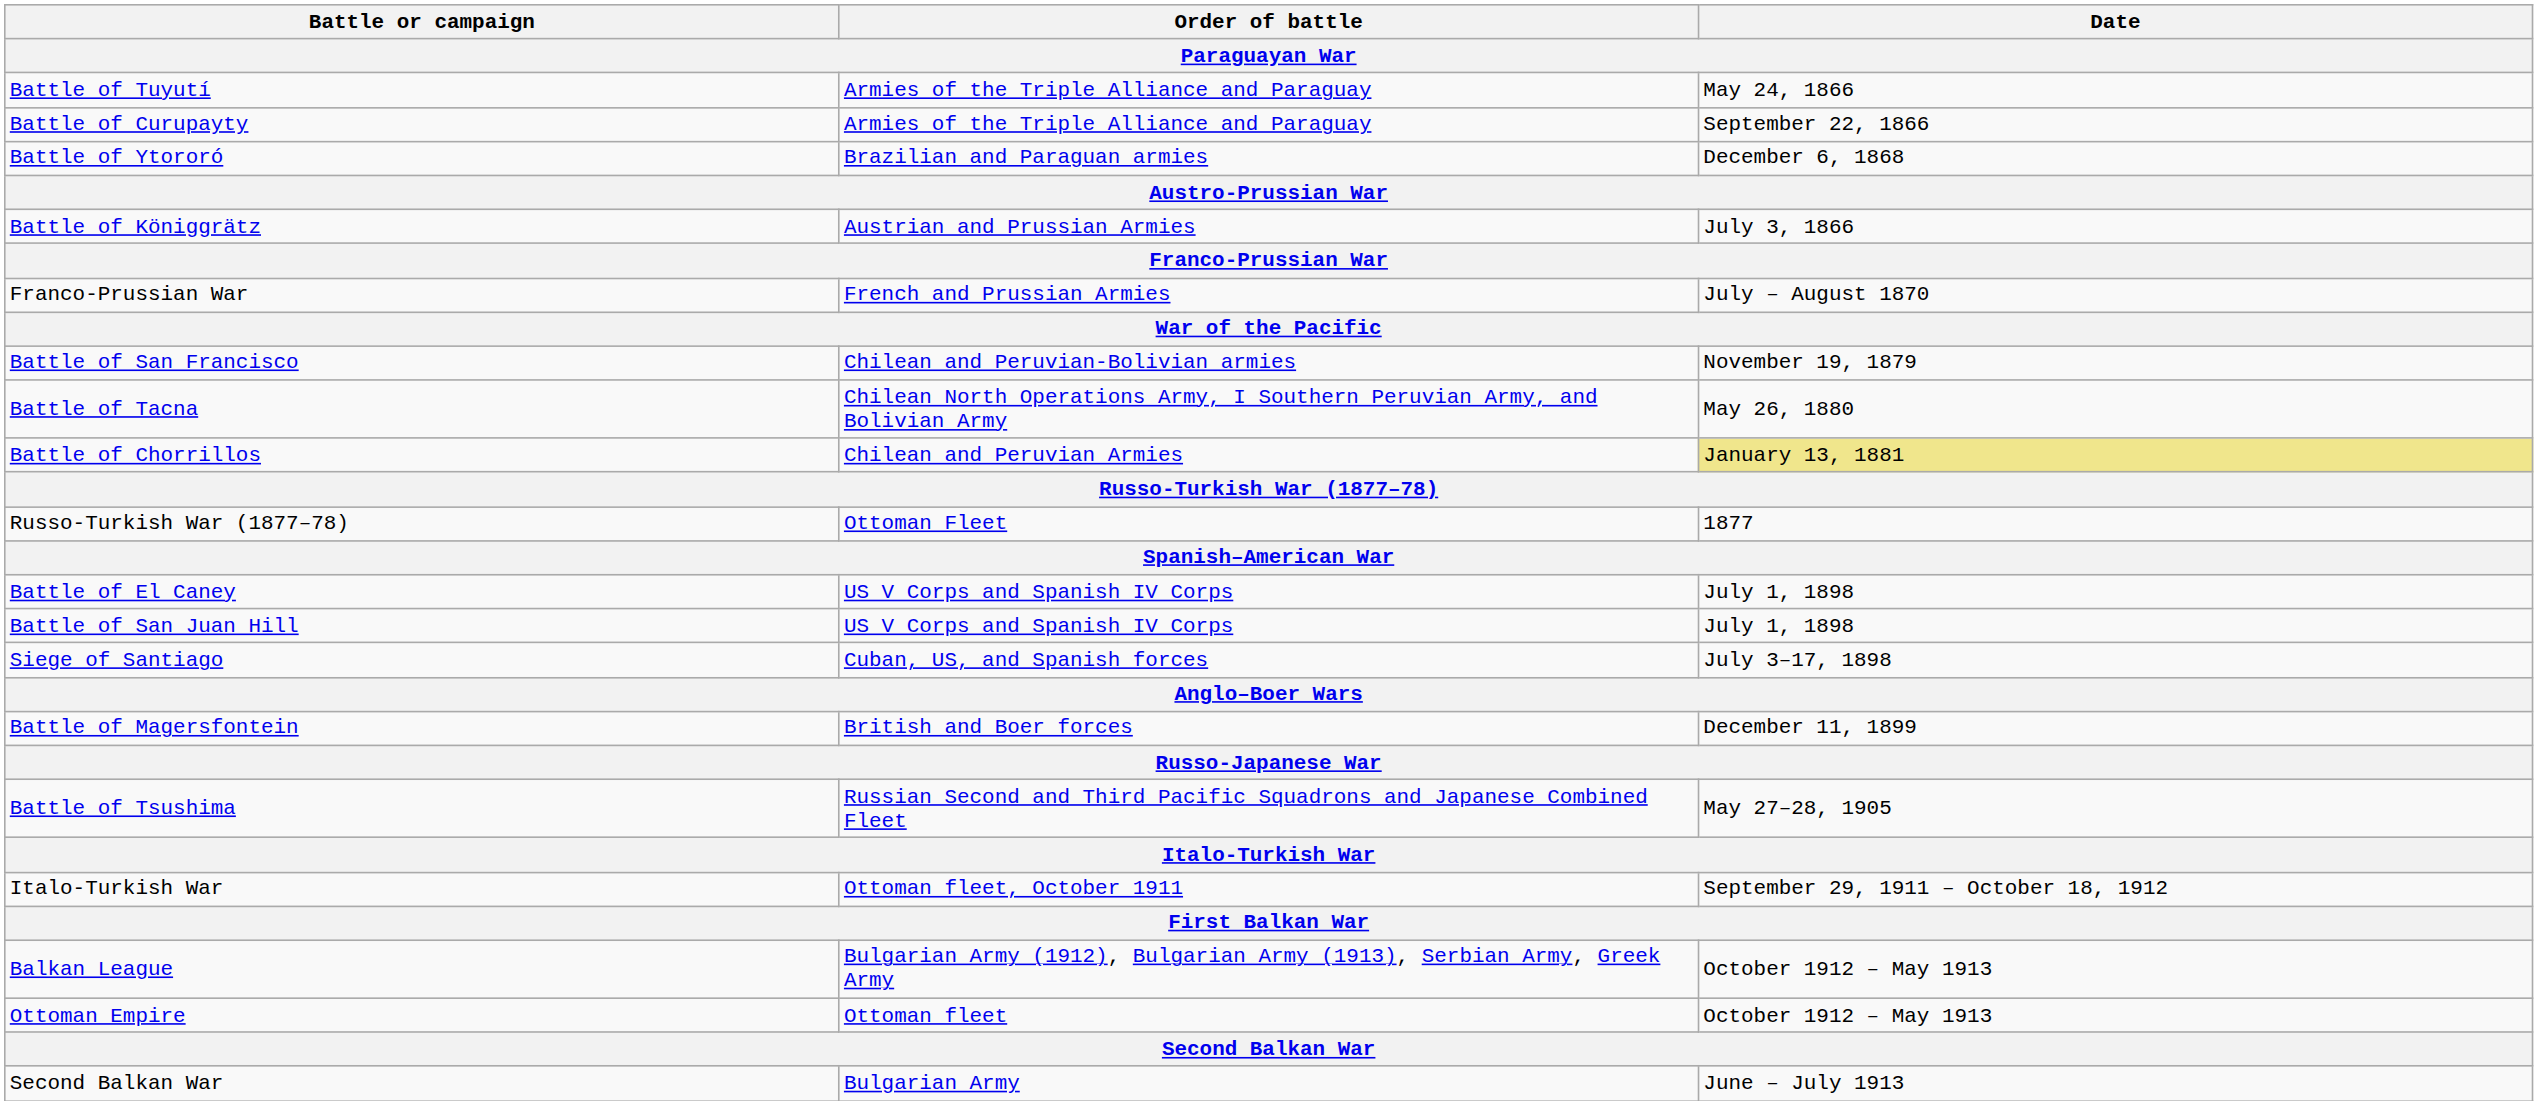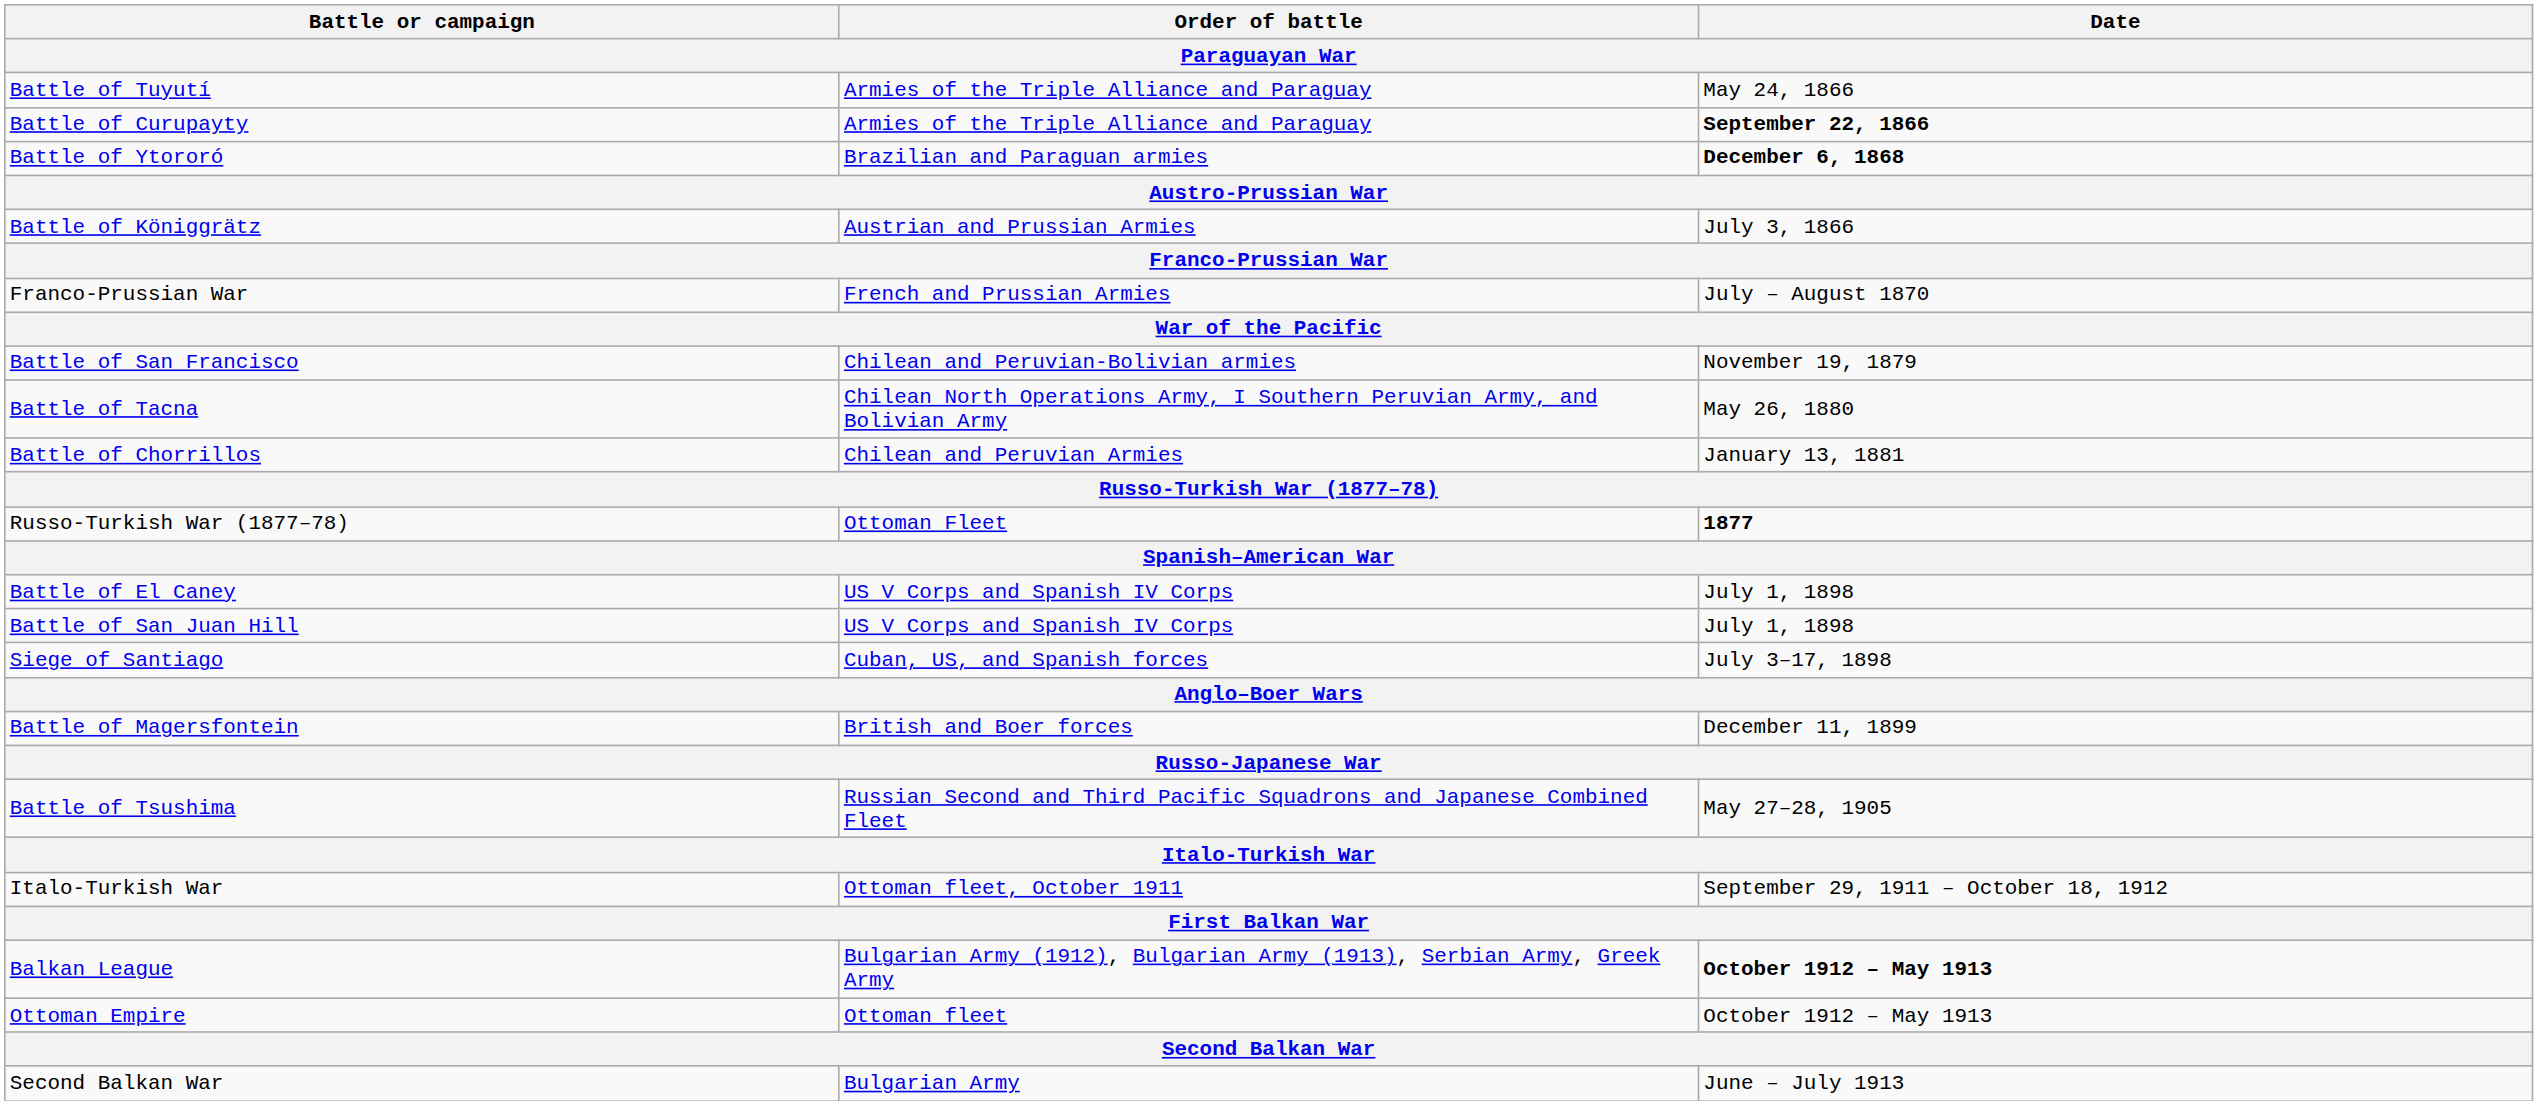 <table class="wikitable">
 <tr>
 <th style="width: 33%;">Battle or campaign</th>
 <th style="width: 34%;">Order of battle</th>
 <th style="width: 33%;">Date<br></th>
 </tr>
 <tr>
 <th colspan=3 align="centre"><a href='#'>Paraguayan War</a></th>
 </tr>
 <tr>
 <td><a href='#'>Battle of Tuyutí</a></td>
 <td><a href='#'>Armies of the Triple Alliance and Paraguay</a></td>
 <td>May 24, 1866</td>
 </tr>
 <tr>
 <td><a href='#'>Battle of Curupayty</a></td>
 <td><a href='#'>Armies of the Triple Alliance and Paraguay</a></td>
-<td>September 22, 1866</td>
+<td><strong>September 22, 1866</strong></td>
 </tr>
 <tr>
 <td><a href='#'>Battle of Ytororó</a></td>
 <td><a href='#'>Brazilian and Paraguan armies</a></td>
-<td>December 6, 1868<br></td>
+<td><strong>December 6, 1868<br></strong></td>
 </tr>
 <tr>
 <th colspan=3 align="centre"><a href='#'>Austro-Prussian War</a></th>
 </tr>
 <tr>
 <td><a href='#'>Battle of Königgrätz</a></td>
 <td><a href='#'>Austrian and Prussian Armies</a></td>
 <td>July 3, 1866<br></td>
 </tr>
 <tr>
 <th colspan=3 align="centre"><a href='#'>Franco-Prussian War</a></th>
 </tr>
 <tr>
 <td>Franco-Prussian War</td>
 <td><a href='#'>French and Prussian Armies</a></td>
 <td>July – August 1870<br></td>
 </tr>
 <tr>
 <th colspan=3 align="centre"><a href='#'>War of the Pacific</a></th>
 </tr>
 <tr>
 <td><a href='#'>Battle of San Francisco</a></td>
 <td><a href='#'>Chilean and Peruvian-Bolivian armies</a></td>
 <td>November 19, 1879</td>
 </tr>
 <tr>
 <td><a href='#'>Battle of Tacna</a></td>
 <td><a href='#'>Chilean North Operations Army, I Southern Peruvian Army, and Bolivian Army</a></td>
 <td>May 26, 1880</td>
 </tr>
 <tr>
 <td><a href='#'>Battle of Chorrillos</a></td>
 <td><a href='#'>Chilean and Peruvian Armies</a></td>
-<td style="background: khaki;">January 13, 1881<br></td>
+<td>January 13, 1881<br></td>
 </tr>
 <tr>
 <th colspan=3 align="centre"><a href='#'>Russo-Turkish War (1877–78)</a></th>
 </tr>
 <tr>
 <td>Russo-Turkish War (1877–78)</td>
 <td><a href='#'>Ottoman Fleet</a></td>
-<td>1877<br> </td>
+<td><strong>1877<br> </strong></td>
 </tr>
 <tr>
 <th colspan=3 align="centre"><a href='#'>Spanish–American War</a></th>
 </tr>
 <tr>
 <td><a href='#'>Battle of El Caney</a></td>
 <td><a href='#'>US V Corps and Spanish IV Corps</a></td>
 <td>July 1, 1898</td>
 </tr>
 <tr>
 <td><a href='#'>Battle of San Juan Hill</a></td>
 <td><a href='#'>US V Corps and Spanish IV Corps</a></td>
 <td>July 1, 1898</td>
 </tr>
 <tr>
 <td><a href='#'>Siege of Santiago</a></td>
 <td><a href='#'>Cuban, US, and Spanish forces</a></td>
 <td>July 3–17, 1898<br></td>
 </tr>
 <tr>
 <th colspan=3 align="centre"><a href='#'>Anglo–Boer Wars</a></th>
 </tr>
 <tr>
 <td><a href='#'>Battle of Magersfontein</a></td>
 <td><a href='#'>British and Boer forces</a></td>
 <td>December 11, 1899<br></td>
 </tr>
 <tr>
 <th colspan=3 align="centre"><a href='#'>Russo-Japanese War</a></th>
 </tr>
 <tr>
 <td><a href='#'>Battle of Tsushima</a></td>
 <td><a href='#'>Russian Second and Third Pacific Squadrons and Japanese Combined Fleet</a></td>
 <td>May 27–28, 1905<br></td>
 </tr>
 <tr>
 <th colspan=3 align="centre"><a href='#'>Italo-Turkish War</a></th>
 </tr>
 <tr>
 <td>Italo-Turkish War</td>
 <td><a href='#'>Ottoman fleet, October 1911</a></td>
 <td>September 29, 1911 – October 18, 1912<br></td>
 </tr>
 <tr>
 <th colspan=3 align="centre"><a href='#'>First Balkan War</a></th>
 </tr>
 <tr>
 <td><a href='#'>Balkan League</a></td>
 <td><a href='#'>Bulgarian Army (1912)</a>, <a href='#'>Bulgarian Army (1913)</a>, <a href='#'>Serbian Army</a>, <a href='#'>Greek Army</a></td>
-<td>October 1912 – May 1913</td>
+<td><strong>October 1912 – May 1913</strong></td>
 </tr>
 <tr>
 <td><a href='#'>Ottoman Empire</a></td>
 <td><a href='#'>Ottoman fleet</a></td>
 <td>October 1912 – May 1913<br></td>
 </tr>
 <tr>
 <th colspan=3 align="centre"><a href='#'>Second Balkan War</a></th>
 </tr>
 <tr>
 <td>Second Balkan War</td>
 <td><a href='#'>Bulgarian Army</a></td>
 <td>June – July 1913</td>
 </tr>
 </table>
